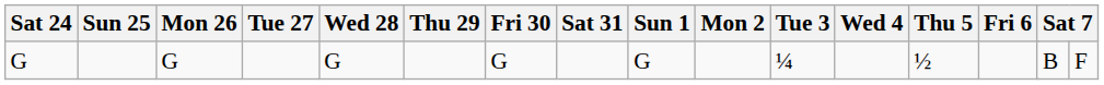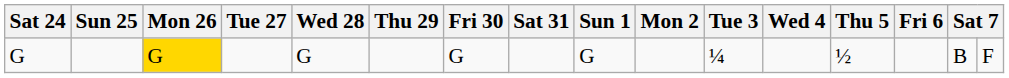 <table class="wikitable olympic-schedule handball">
 <tr>
 <th>Sat 24</th>
 <th>Sun 25</th>
 <th>Mon 26</th>
 <th>Tue 27</th>
 <th>Wed 28</th>
 <th>Thu 29</th>
 <th>Fri 30</th>
 <th>Sat 31</th>
 <th>Sun 1</th>
 <th>Mon 2</th>
 <th>Tue 3</th>
 <th>Wed 4</th>
 <th>Thu 5</th>
 <th colspan="2">Fri 6</th>
 <th colspan="2">Sat 7</th>
 </tr>
 <tr>
 <td class="team-group">G</td>
 <td></td>
-<td class="team-group">G</td>
+<td class="team-group" style="background: gold;">G</td>
 <td></td>
 <td class="team-group">G</td>
 <td></td>
 <td class="team-group">G</td>
 <td></td>
 <td class="team-group">G</td>
 <td></td>
 <td class="team-qf">¼</td>
 <td></td>
 <td class="team-sf">½</td>
 <td colspan=2></td>
 <td class="team-bronze">B</td>
 <td class="team-final">F</td>
 </tr>
 </table>
